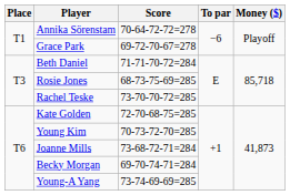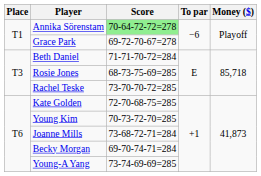 <table class="wikitable">
 <tr>
 <th>Place</th>
 <th>Player</th>
 <th>Score</th>
 <th>To par</th>
 <th>Money (<a href='#'>$</a>)</th>
 </tr>
 <tr>
 <td align=center rowspan=2>T1</td>
 <td> <a href='#'>Annika Sörenstam</a></td>
-<td>70-64-72-72=278</td>
+<td style="background: lightgreen;">70-64-72-72=278</td>
 <td align=center rowspan=2>−6</td>
 <td align=center rowspan=2>Playoff</td>
 </tr>
 <tr>
 <td> <a href='#'>Grace Park</a></td>
 <td>69-72-70-67=278</td>
 </tr>
 <tr>
 <td align=center rowspan=3>T3</td>
 <td> <a href='#'>Beth Daniel</a></td>
 <td>71-71-70-72=284</td>
 <td align=center rowspan=3>E</td>
 <td align=center rowspan=3>85,718</td>
 </tr>
 <tr>
 <td> <a href='#'>Rosie Jones</a></td>
 <td>68-73-75-69=285</td>
 </tr>
 <tr>
 <td> <a href='#'>Rachel Teske</a></td>
 <td>73-70-70-72=285</td>
 </tr>
 <tr>
 <td align=center rowspan=5>T6</td>
 <td> <a href='#'>Kate Golden</a></td>
 <td>72-70-68-75=285</td>
 <td align=center rowspan=5>+1</td>
 <td align=center rowspan=5>41,873</td>
 </tr>
 <tr>
 <td> <a href='#'>Young Kim</a></td>
 <td>70-73-72-70=285</td>
 </tr>
 <tr>
 <td> <a href='#'>Joanne Mills</a></td>
 <td>73-68-72-71=284</td>
 </tr>
 <tr>
 <td> <a href='#'>Becky Morgan</a></td>
 <td>69-70-74-71=284</td>
 </tr>
 <tr>
 <td> <a href='#'>Young-A Yang</a></td>
 <td>73-74-69-69=285</td>
 </tr>
 </table>
